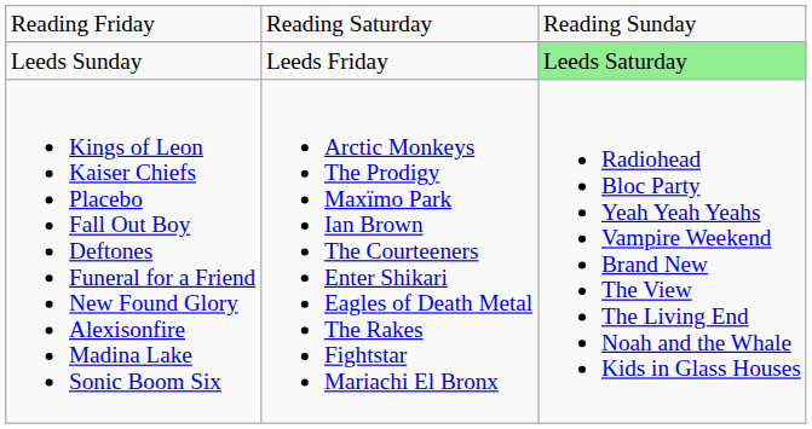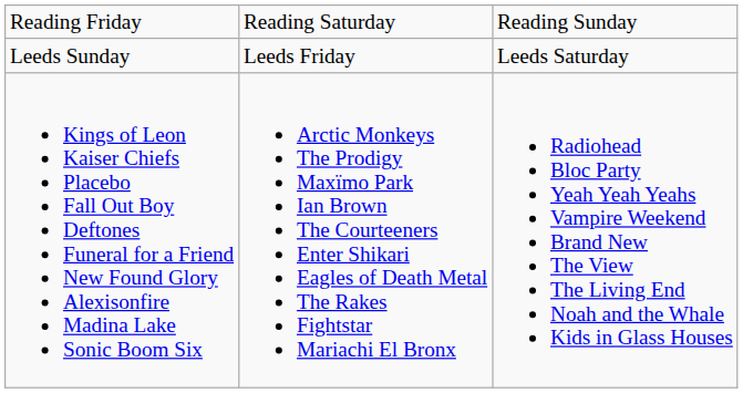 <table class="wikitable">
 <tr>
 <td>Reading Friday</td>
 <td>Reading Saturday</td>
 <td>Reading Sunday</td>
 </tr>
 <tr>
 <td>Leeds Sunday</td>
 <td>Leeds Friday</td>
-<td style="background: lightgreen;">Leeds Saturday</td>
+<td>Leeds Saturday</td>
 </tr>
 <tr>
 <td><br><ul><li><a href='#'>Kings of Leon</a></li><li><a href='#'>Kaiser Chiefs</a></li><li><a href='#'>Placebo</a></li><li><a href='#'>Fall Out Boy</a></li><li><a href='#'>Deftones</a></li><li><a href='#'>Funeral for a Friend</a></li><li><a href='#'>New Found Glory</a></li><li><a href='#'>Alexisonfire</a></li><li><a href='#'>Madina Lake</a></li><li><a href='#'>Sonic Boom Six</a></li></ul></td>
 <td><br><ul><li><a href='#'>Arctic Monkeys</a></li><li><a href='#'>The Prodigy</a></li><li><a href='#'>Maxïmo Park</a></li><li><a href='#'>Ian Brown</a></li><li><a href='#'>The Courteeners</a></li><li><a href='#'>Enter Shikari</a></li><li><a href='#'>Eagles of Death Metal</a></li><li><a href='#'>The Rakes</a></li><li><a href='#'>Fightstar</a></li><li><a href='#'>Mariachi El Bronx</a></li></ul></td>
 <td><br><ul><li><a href='#'>Radiohead</a></li><li><a href='#'>Bloc Party</a></li><li><a href='#'>Yeah Yeah Yeahs</a></li><li><a href='#'>Vampire Weekend</a></li><li><a href='#'>Brand New</a></li><li><a href='#'>The View</a></li><li><a href='#'>The Living End</a></li><li><a href='#'>Noah and the Whale</a></li><li><a href='#'>Kids in Glass Houses</a></li></ul></td>
 </tr>
 </table>
